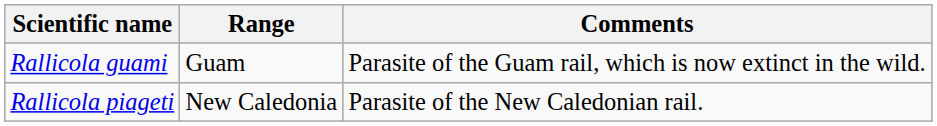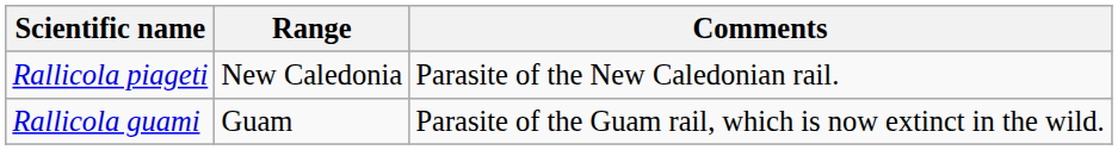 <table class="wikitable">
 <tr>
 <th>Scientific name</th>
 <th>Range</th>
 <th class="unsortable">Comments</th>
 </tr>
 <tr>
+<td><em><a href='#'>Rallicola piageti</a></em></td>
+<td>New Caledonia</td>
+<td>Parasite of the New Caledonian rail.</td>
+</tr>
+<tr>
 <td><em><a href='#'>Rallicola guami</a></em></td>
 <td>Guam</td>
 <td>Parasite of the Guam rail, which is now extinct in the wild.</td>
 </tr>
-<tr>
-<td><em><a href='#'>Rallicola piageti</a></em></td>
-<td>New Caledonia</td>
-<td>Parasite of the New Caledonian rail.</td>
-</tr>
 </table>
